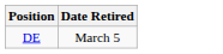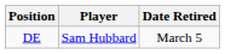 <table class="wikitable" style="text-align:center">
 <tr>
 <th>Position</th>
+<th>Player</th>
 <th>Date Retired</th>
 </tr>
 <tr>
 <td><a href='#'>DE</a></td>
+<td><a href='#'>Sam Hubbard</a></td>
 <td>March 5</td>
 </tr>
 </table>
